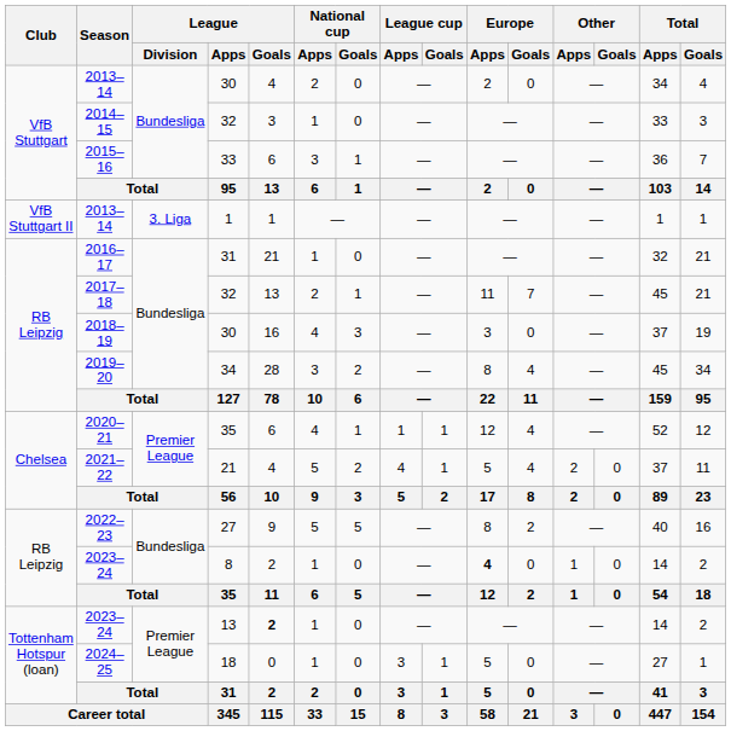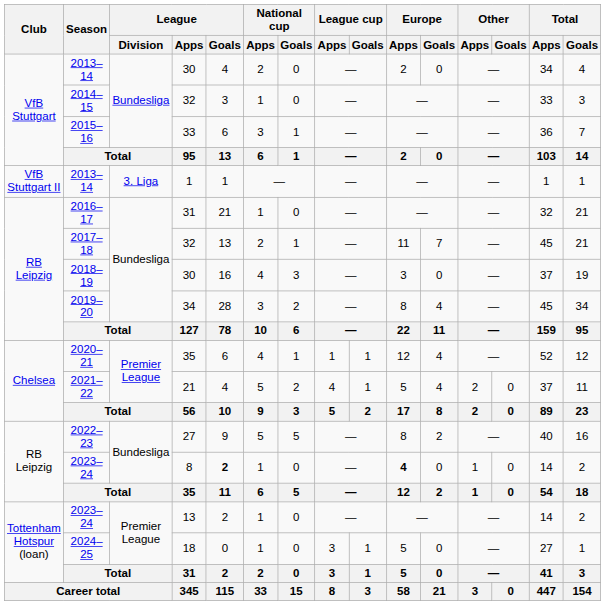 <table class="wikitable" style="text-align: center;">
 <tr>
 <th rowspan="2">Club</th>
 <th rowspan="2">Season</th>
 <th colspan="3">League</th>
 <th colspan="2">National cup</th>
 <th colspan="2">League cup</th>
 <th colspan="2">Europe</th>
 <th colspan="2">Other</th>
 <th colspan="2">Total</th>
 </tr>
 <tr>
 <th>Division</th>
 <th>Apps</th>
 <th>Goals</th>
 <th>Apps</th>
 <th>Goals</th>
 <th>Apps</th>
 <th>Goals</th>
 <th>Apps</th>
 <th>Goals</th>
 <th>Apps</th>
 <th>Goals</th>
 <th>Apps</th>
 <th>Goals</th>
 </tr>
 <tr>
 <td rowspan="4"><a href='#'>VfB Stuttgart</a></td>
 <td><a href='#'>2013–14</a></td>
 <td rowspan="3"><a href='#'>Bundesliga</a></td>
 <td>30</td>
 <td>4</td>
 <td>2</td>
 <td>0</td>
 <td colspan="2">—</td>
 <td>2</td>
 <td>0</td>
 <td colspan="2">—</td>
 <td>34</td>
 <td>4</td>
 </tr>
 <tr>
 <td><a href='#'>2014–15</a></td>
 <td>32</td>
 <td>3</td>
 <td>1</td>
 <td>0</td>
 <td colspan="2">—</td>
 <td colspan="2">—</td>
 <td colspan="2">—</td>
 <td>33</td>
 <td>3</td>
 </tr>
 <tr>
 <td><a href='#'>2015–16</a></td>
 <td>33</td>
 <td>6</td>
 <td>3</td>
 <td>1</td>
 <td colspan="2">—</td>
 <td colspan="2">—</td>
 <td colspan="2">—</td>
 <td>36</td>
 <td>7</td>
 </tr>
 <tr>
 <th colspan="2">Total</th>
 <th>95</th>
 <th>13</th>
 <th>6</th>
 <th>1</th>
 <th colspan="2">—</th>
 <th>2</th>
 <th>0</th>
 <th colspan="2">—</th>
 <th>103</th>
 <th>14</th>
 </tr>
 <tr>
 <td><a href='#'>VfB Stuttgart II</a></td>
 <td><a href='#'>2013–14</a></td>
 <td><a href='#'>3. Liga</a></td>
 <td>1</td>
 <td>1</td>
 <td colspan="2">—</td>
 <td colspan="2">—</td>
 <td colspan="2">—</td>
 <td colspan="2">—</td>
 <td>1</td>
 <td>1</td>
 </tr>
 <tr>
 <td rowspan="5"><a href='#'>RB Leipzig</a></td>
 <td><a href='#'>2016–17</a></td>
 <td rowspan="4">Bundesliga</td>
 <td>31</td>
 <td>21</td>
 <td>1</td>
 <td>0</td>
 <td colspan="2">—</td>
 <td colspan="2">—</td>
 <td colspan="2">—</td>
 <td>32</td>
 <td>21</td>
 </tr>
 <tr>
 <td><a href='#'>2017–18</a></td>
 <td>32</td>
 <td>13</td>
 <td>2</td>
 <td>1</td>
 <td colspan="2">—</td>
 <td>11</td>
 <td>7</td>
 <td colspan="2">—</td>
 <td>45</td>
 <td>21</td>
 </tr>
 <tr>
 <td><a href='#'>2018–19</a></td>
 <td>30</td>
 <td>16</td>
 <td>4</td>
 <td>3</td>
 <td colspan="2">—</td>
 <td>3</td>
 <td>0</td>
 <td colspan="2">—</td>
 <td>37</td>
 <td>19</td>
 </tr>
 <tr>
 <td><a href='#'>2019–20</a></td>
 <td>34</td>
 <td>28</td>
 <td>3</td>
 <td>2</td>
 <td colspan="2">—</td>
 <td>8</td>
 <td>4</td>
 <td colspan="2">—</td>
 <td>45</td>
 <td>34</td>
 </tr>
 <tr>
 <th colspan="2">Total</th>
 <th>127</th>
 <th>78</th>
 <th>10</th>
 <th>6</th>
 <th colspan="2">—</th>
 <th>22</th>
 <th>11</th>
 <th colspan="2">—</th>
 <th>159</th>
 <th>95</th>
 </tr>
 <tr>
 <td rowspan="3"><a href='#'>Chelsea</a></td>
 <td><a href='#'>2020–21</a></td>
 <td rowspan="2"><a href='#'>Premier League</a></td>
 <td>35</td>
 <td>6</td>
 <td>4</td>
 <td>1</td>
 <td>1</td>
 <td>1</td>
 <td>12</td>
 <td>4</td>
 <td colspan="2">—</td>
 <td>52</td>
 <td>12</td>
 </tr>
 <tr>
 <td><a href='#'>2021–22</a></td>
 <td>21</td>
 <td>4</td>
 <td>5</td>
 <td>2</td>
 <td>4</td>
 <td>1</td>
 <td>5</td>
 <td>4</td>
 <td>2</td>
 <td>0</td>
 <td>37</td>
 <td>11</td>
 </tr>
 <tr>
 <th colspan="2">Total</th>
 <th>56</th>
 <th>10</th>
 <th>9</th>
 <th>3</th>
 <th>5</th>
 <th>2</th>
 <th>17</th>
 <th>8</th>
 <th>2</th>
 <th>0</th>
 <th>89</th>
 <th>23</th>
 </tr>
 <tr>
 <td rowspan="3">RB Leipzig</td>
 <td><a href='#'>2022–23</a></td>
 <td rowspan="2">Bundesliga</td>
 <td>27</td>
 <td>9</td>
 <td>5</td>
 <td>5</td>
 <td colspan="2">—</td>
 <td>8</td>
 <td>2</td>
 <td colspan="2">—</td>
 <td>40</td>
 <td>16</td>
 </tr>
 <tr>
 <td><a href='#'>2023–24</a></td>
 <td>8</td>
-<td>2</td>
+<td><strong>2</strong></td>
 <td>1</td>
 <td>0</td>
 <td colspan="2">—</td>
 <td><strong>4</strong></td>
 <td>0</td>
 <td>1</td>
 <td>0</td>
 <td>14</td>
 <td>2</td>
 </tr>
 <tr>
 <th colspan="2">Total</th>
 <th>35</th>
 <th>11</th>
 <th>6</th>
 <th>5</th>
 <th colspan="2">—</th>
 <th>12</th>
 <th>2</th>
 <th>1</th>
 <th>0</th>
 <th>54</th>
 <th>18</th>
 </tr>
 <tr>
 <td rowspan="3"><a href='#'>Tottenham Hotspur</a> (loan)</td>
 <td><a href='#'>2023–24</a></td>
 <td rowspan="2">Premier League</td>
 <td>13</td>
-<td><strong>2</strong></td>
+<td>2</td>
 <td>1</td>
 <td>0</td>
 <td colspan="2">—</td>
 <td colspan="2">—</td>
 <td colspan="2">—</td>
 <td>14</td>
 <td>2</td>
 </tr>
 <tr>
 <td><a href='#'>2024–25</a></td>
 <td>18</td>
 <td>0</td>
 <td>1</td>
 <td>0</td>
 <td>3</td>
 <td>1</td>
 <td>5</td>
 <td>0</td>
 <td colspan="2">—</td>
 <td>27</td>
 <td>1</td>
 </tr>
 <tr>
 <th colspan="2">Total</th>
 <th>31</th>
 <th>2</th>
 <th>2</th>
 <th>0</th>
 <th>3</th>
 <th>1</th>
 <th>5</th>
 <th>0</th>
 <th colspan="2">—</th>
 <th>41</th>
 <th>3</th>
 </tr>
 <tr>
 <th colspan="3">Career total</th>
 <th>345</th>
 <th>115</th>
 <th>33</th>
 <th>15</th>
 <th>8</th>
 <th>3</th>
 <th>58</th>
 <th>21</th>
 <th>3</th>
 <th>0</th>
 <th>447</th>
 <th>154</th>
 </tr>
 </table>
